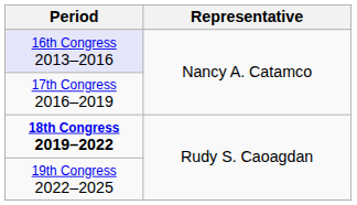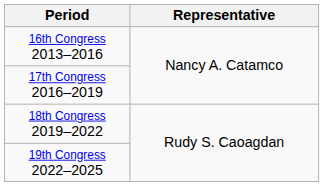 <table class="wikitable" style="text-align:center; width:40%;">
 <tr>
 <th width="40%">Period</th>
 <th>Representative</th>
 </tr>
 <tr>
-<td style="background: lavender;"><small><a href='#'>16th Congress</a></small><br>2013–2016</td>
+<td><small><a href='#'>16th Congress</a></small><br>2013–2016</td>
 <td rowspan="2">Nancy A. Catamco</td>
 </tr>
 <tr>
 <td><small><a href='#'>17th Congress</a></small><br>2016–2019</td>
 </tr>
 <tr>
-<td><strong><small><a href='#'>18th Congress</a></small><br>2019–2022</strong></td>
+<td><small><a href='#'>18th Congress</a></small><br>2019–2022</td>
 <td rowspan ="2">Rudy S. Caoagdan</td>
 </tr>
 <tr>
 <td><small><a href='#'>19th Congress</a></small><br>2022–2025</td>
 </tr>
 </table>
